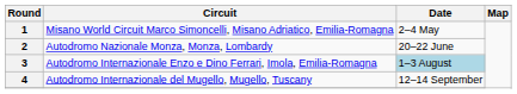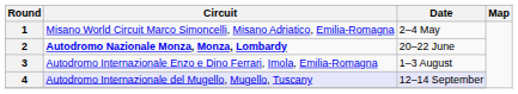 <table class="wikitable" style="font-size: 85%;">
 <tr>
 <th>Round</th>
 <th>Circuit</th>
 <th>Date</th>
 <th colspan=2>Map</th>
 </tr>
 <tr>
 <th>1</th>
 <td> <a href='#'>Misano World Circuit Marco Simoncelli</a>, <a href='#'>Misano Adriatico</a>, <a href='#'>Emilia-Romagna</a></td>
 <td>2–4 May</td>
 <td rowspan="5"></td>
 </tr>
 <tr>
 <th>2</th>
-<td> <a href='#'>Autodromo Nazionale Monza</a>, <a href='#'>Monza</a>, <a href='#'>Lombardy</a></td>
+<td><strong> <a href='#'>Autodromo Nazionale Monza</a>, <a href='#'>Monza</a>, <a href='#'>Lombardy</a></strong></td>
 <td>20–22 June</td>
 </tr>
 <tr>
 <th>3</th>
 <td> <a href='#'>Autodromo Internazionale Enzo e Dino Ferrari</a>, <a href='#'>Imola</a>, <a href='#'>Emilia-Romagna</a></td>
-<td style="background: lightblue;">1–3 August</td>
+<td>1–3 August</td>
 </tr>
 <tr>
 <th>4</th>
-<td> <a href='#'>Autodromo Internazionale del Mugello</a>, <a href='#'>Mugello</a>, <a href='#'>Tuscany</a></td>
-<td>12–14 September</td>
+<td style="background: lavender;"> <a href='#'>Autodromo Internazionale del Mugello</a>, <a href='#'>Mugello</a>, <a href='#'>Tuscany</a></td>
+<td style="background: lavender;">12–14 September</td>
 </tr>
 <tr>
 </tr>
 </table>
